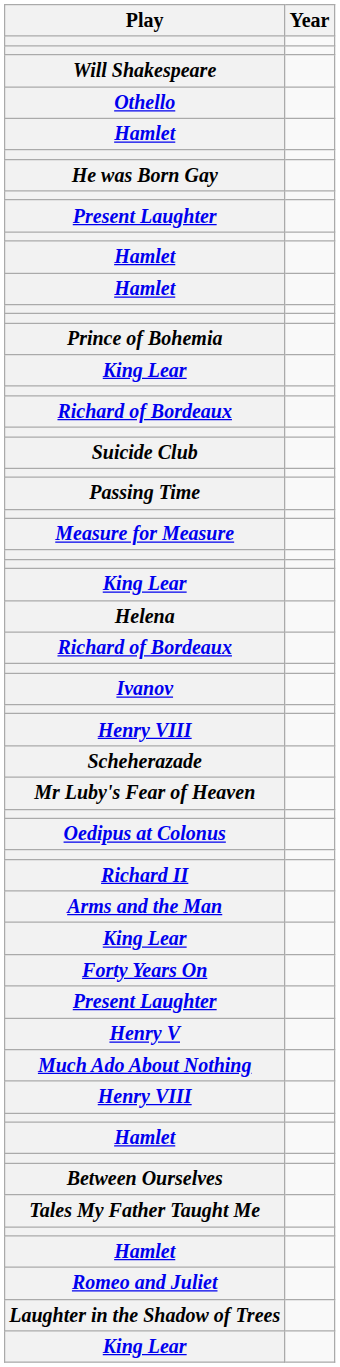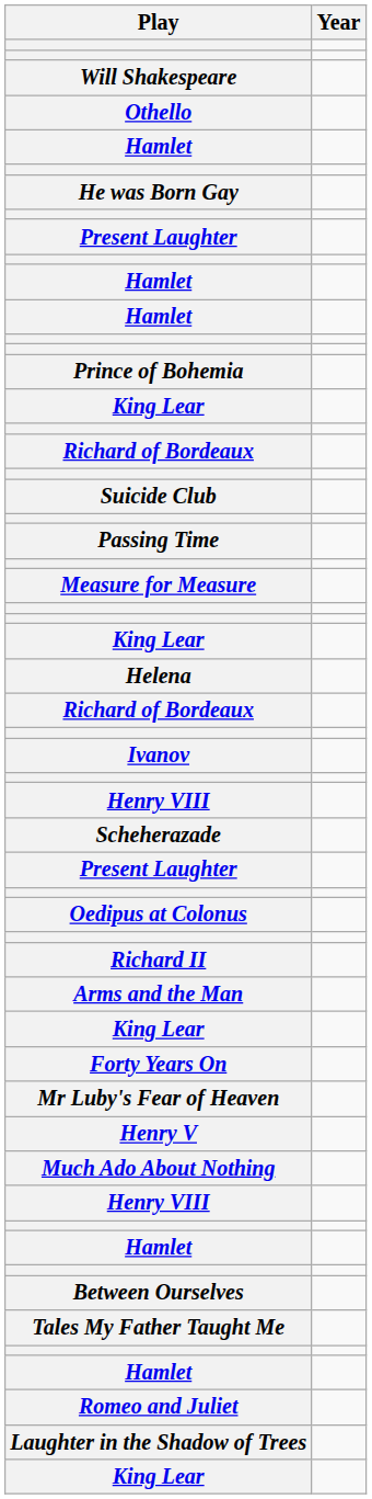 <table class="wikitable plainrowheaders sortable" style="margin-right: 0;">
 <tr>
 <th scope="col">Play</th>
 <th scope="col">Year</th>
 </tr>
 <tr>
 <th scope="row"> </th>
 <td></td>
 </tr>
 <tr>
 <th scope="row"> </th>
 <td></td>
 </tr>
 <tr>
 <th scope="row"> <em>Will Shakespeare</em></th>
 <td></td>
 </tr>
 <tr>
 <th scope="row"><em><a href='#'>Othello</a></em></th>
 <td></td>
 </tr>
 <tr>
 <th scope="row"><em><a href='#'>Hamlet</a></em></th>
 <td></td>
 </tr>
 <tr>
 <th scope="row"></th>
 <td></td>
 </tr>
 <tr>
 <th scope="row"> <em>He was Born Gay</em></th>
 <td></td>
 </tr>
 <tr>
 <th scope="row"></th>
 <td></td>
 </tr>
 <tr>
 <th scope="row"><em><a href='#'>Present Laughter</a></em></th>
 <td></td>
 </tr>
 <tr>
 <th scope="row"> </th>
 <td></td>
 </tr>
 <tr>
 <th scope="row"><em><a href='#'>Hamlet</a></em></th>
 <td></td>
 </tr>
 <tr>
 <th scope="row"><em><a href='#'>Hamlet</a></em></th>
 <td></td>
 </tr>
 <tr>
 <th scope="row"></th>
 <td></td>
 </tr>
 <tr>
 <th scope="row"></th>
 <td></td>
 </tr>
 <tr>
 <th scope="row"><em>Prince of Bohemia</em></th>
 <td></td>
 </tr>
 <tr>
 <th scope="row"><em><a href='#'>King Lear</a></em></th>
 <td></td>
 </tr>
 <tr>
 <th scope="row"></th>
 <td></td>
 </tr>
 <tr>
 <th scope="row"><em><a href='#'>Richard of Bordeaux</a></em></th>
 <td></td>
 </tr>
 <tr>
 <th scope="row"></th>
 <td></td>
 </tr>
 <tr>
 <th scope="row"><em>Suicide Club</em></th>
 <td></td>
 </tr>
 <tr>
 <th scope="row"></th>
 <td></td>
 </tr>
 <tr>
 <th scope="row"><em>Passing Time</em></th>
 <td></td>
 </tr>
 <tr>
 <th scope="row"></th>
 <td></td>
 </tr>
 <tr>
 <th scope="row"> <em><a href='#'>Measure for Measure</a></em></th>
 <td></td>
 </tr>
 <tr>
 <th scope="row"></th>
 <td></td>
 </tr>
 <tr>
 <th scope="row"></th>
 <td></td>
 </tr>
 <tr>
 <th scope="row"><em><a href='#'>King Lear</a></em></th>
 <td></td>
 </tr>
 <tr>
 <th scope="row"><em>Helena</em></th>
 <td></td>
 </tr>
 <tr>
 <th scope="row"><em><a href='#'>Richard of Bordeaux</a></em></th>
 <td></td>
 </tr>
 <tr>
 <th scope="row"></th>
 <td></td>
 </tr>
 <tr>
 <th scope="row"><em><a href='#'>Ivanov</a></em></th>
 <td></td>
 </tr>
 <tr>
 <th scope="row"></th>
 <td></td>
 </tr>
 <tr>
 <th scope="row"><em><a href='#'>Henry VIII</a></em></th>
 <td></td>
 </tr>
 <tr>
 <th scope="row"><em>Scheherazade</em></th>
 <td></td>
 </tr>
 <tr>
-<th scope="row"><em>Mr Luby's Fear of Heaven</em></th>
+<th scope="row"><em><a href='#'>Present Laughter</a></em></th>
 <td></td>
 </tr>
 <tr>
 <th scope="row"></th>
 <td></td>
 </tr>
 <tr>
 <th scope="row"><em><a href='#'>Oedipus at Colonus</a></em></th>
 <td></td>
 </tr>
 <tr>
 <th scope="row"> </th>
 <td></td>
 </tr>
 <tr>
 <th scope="row"><em><a href='#'>Richard II</a></em></th>
 <td></td>
 </tr>
 <tr>
 <th scope="row"><em><a href='#'>Arms and the Man</a></em></th>
 <td></td>
 </tr>
 <tr>
 <th scope="row"><em><a href='#'>King Lear</a></em></th>
 <td></td>
 </tr>
 <tr>
 <th scope="row"> <em><a href='#'>Forty Years On</a></em></th>
 <td></td>
 </tr>
 <tr>
-<th scope="row"><em><a href='#'>Present Laughter</a></em></th>
+<th scope="row"><em>Mr Luby's Fear of Heaven</em></th>
 <td></td>
 </tr>
 <tr>
 <th scope="row"><em><a href='#'>Henry V</a></em></th>
 <td></td>
 </tr>
 <tr>
 <th scope="row"><em><a href='#'>Much Ado About Nothing</a></em></th>
 <td></td>
 </tr>
 <tr>
 <th scope="row"><em><a href='#'>Henry VIII</a></em></th>
 <td></td>
 </tr>
 <tr>
 <th scope="row"> </th>
 <td></td>
 </tr>
 <tr>
 <th scope="row"><em><a href='#'>Hamlet</a></em></th>
 <td></td>
 </tr>
 <tr>
 <th scope="row"></th>
 <td></td>
 </tr>
 <tr>
 <th scope="row"><em>Between Ourselves</em></th>
 <td></td>
 </tr>
 <tr>
 <th scope="row"><em>Tales My Father Taught Me</em></th>
 <td></td>
 </tr>
 <tr>
 <th scope="row"></th>
 <td></td>
 </tr>
 <tr>
 <th scope="row"><em><a href='#'>Hamlet</a></em></th>
 <td></td>
 </tr>
 <tr>
 <th scope="row"><em><a href='#'>Romeo and Juliet</a></em></th>
 <td></td>
 </tr>
 <tr>
 <th scope="row"><em>Laughter in the Shadow of Trees</em></th>
 <td></td>
 </tr>
 <tr>
 <th scope="row"><em><a href='#'>King Lear</a></em></th>
 <td></td>
 </tr>
 </table>
